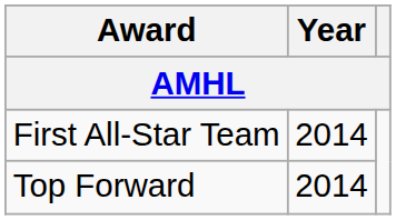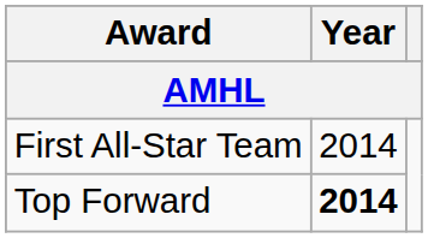 <table class="wikitable">
 <tr>
 <th>Award</th>
 <th>Year</th>
 <th></th>
 </tr>
 <tr ALIGN="center" bgcolor="#e0e0e0">
 <th colspan="3"><a href='#'>AMHL</a></th>
 </tr>
 <tr>
 <td>First All-Star Team</td>
 <td>2014</td>
 <td rowspan="2"></td>
 </tr>
 <tr>
 <td>Top Forward</td>
-<td>2014</td>
+<td><strong>2014</strong></td>
 </tr>
 </table>
